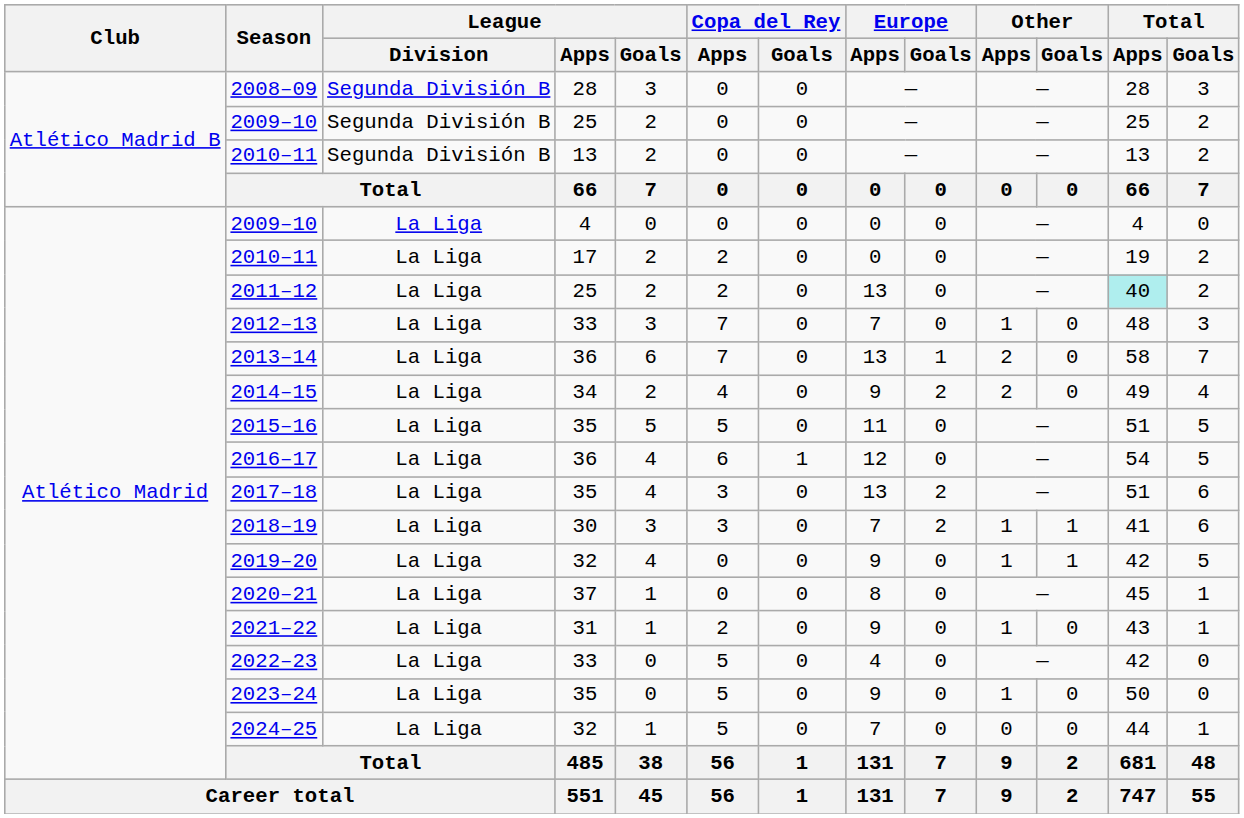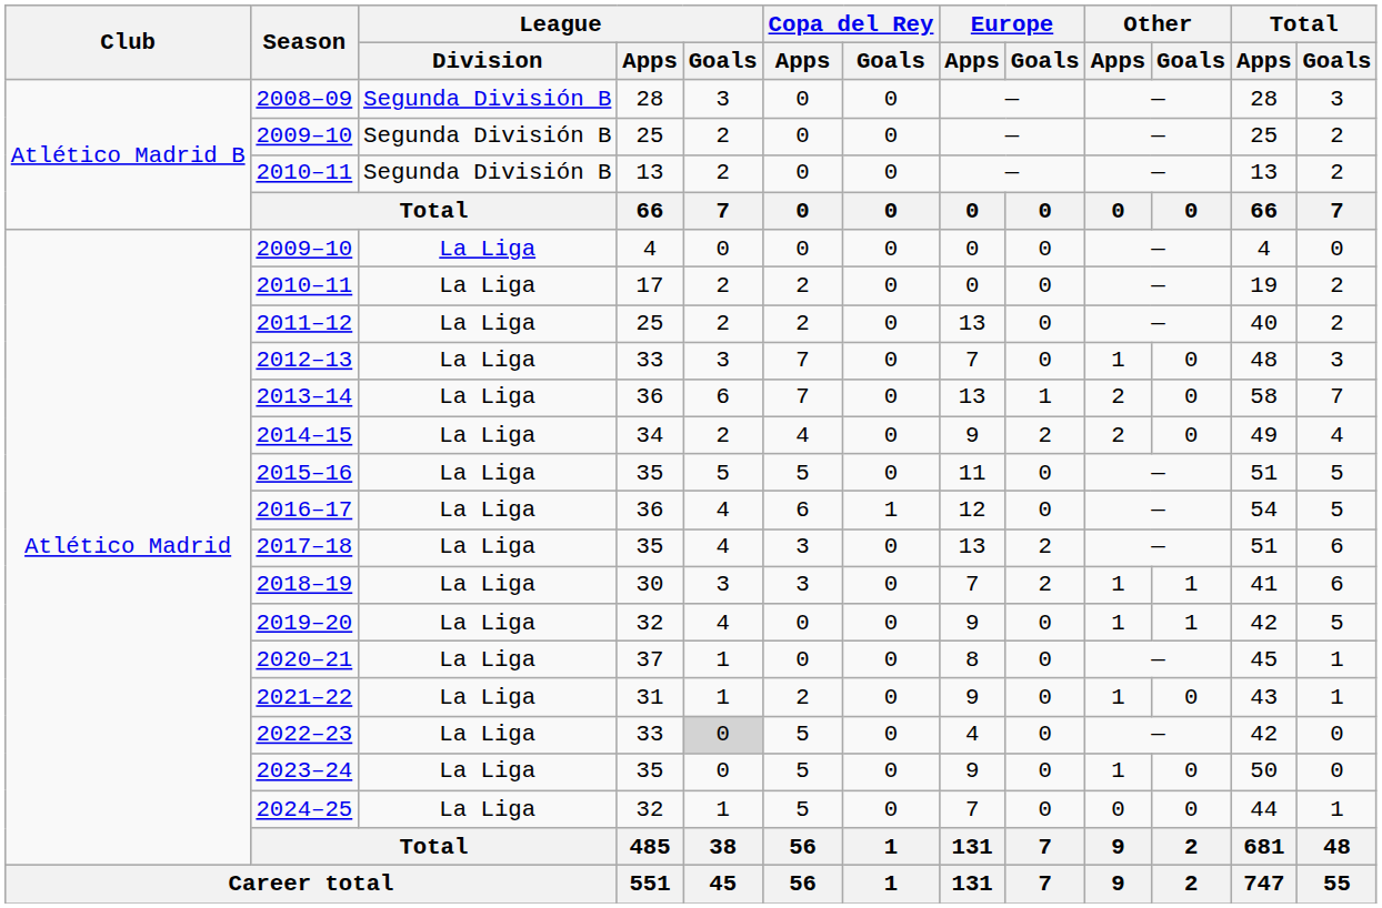 <table class="wikitable" style="text-align: center;">
 <tr>
 <th rowspan="2">Club</th>
 <th rowspan="2">Season</th>
 <th colspan="3">League</th>
 <th colspan="2"><a href='#'>Copa del Rey</a></th>
 <th colspan="2"><a href='#'>Europe</a></th>
 <th colspan="2">Other</th>
 <th colspan="2">Total</th>
 </tr>
 <tr>
 <th>Division</th>
 <th>Apps</th>
 <th>Goals</th>
 <th>Apps</th>
 <th>Goals</th>
 <th>Apps</th>
 <th>Goals</th>
 <th>Apps</th>
 <th>Goals</th>
 <th>Apps</th>
 <th>Goals</th>
 </tr>
 <tr>
 <td rowspan="4"><a href='#'>Atlético Madrid B</a></td>
 <td><a href='#'>2008–09</a></td>
 <td><a href='#'>Segunda División B</a></td>
 <td>28</td>
 <td>3</td>
 <td>0</td>
 <td>0</td>
 <td colspan="2">—</td>
 <td colspan="2">—</td>
 <td>28</td>
 <td>3</td>
 </tr>
 <tr>
 <td><a href='#'>2009–10</a></td>
 <td>Segunda División B</td>
 <td>25</td>
 <td>2</td>
 <td>0</td>
 <td>0</td>
 <td colspan="2">—</td>
 <td colspan="2">—</td>
 <td>25</td>
 <td>2</td>
 </tr>
 <tr>
 <td><a href='#'>2010–11</a></td>
 <td>Segunda División B</td>
 <td>13</td>
 <td>2</td>
 <td>0</td>
 <td>0</td>
 <td colspan="2">—</td>
 <td colspan="2">—</td>
 <td>13</td>
 <td>2</td>
 </tr>
 <tr>
 <th colspan="2">Total</th>
 <th>66</th>
 <th>7</th>
 <th>0</th>
 <th>0</th>
 <th>0</th>
 <th>0</th>
 <th>0</th>
 <th>0</th>
 <th>66</th>
 <th>7</th>
 </tr>
 <tr>
 <td rowspan="17"><a href='#'>Atlético Madrid</a></td>
 <td><a href='#'>2009–10</a></td>
 <td><a href='#'>La Liga</a></td>
 <td>4</td>
 <td>0</td>
 <td>0</td>
 <td>0</td>
 <td>0</td>
 <td>0</td>
 <td colspan="2">—</td>
 <td>4</td>
 <td>0</td>
 </tr>
 <tr>
 <td><a href='#'>2010–11</a></td>
 <td>La Liga</td>
 <td>17</td>
 <td>2</td>
 <td>2</td>
 <td>0</td>
 <td>0</td>
 <td>0</td>
 <td colspan="2">—</td>
 <td>19</td>
 <td>2</td>
 </tr>
 <tr>
 <td><a href='#'>2011–12</a></td>
 <td>La Liga</td>
 <td>25</td>
 <td>2</td>
 <td>2</td>
 <td>0</td>
 <td>13</td>
 <td>0</td>
 <td colspan="2">—</td>
-<td style="background: paleturquoise;">40</td>
+<td>40</td>
 <td>2</td>
 </tr>
 <tr>
 <td><a href='#'>2012–13</a></td>
 <td>La Liga</td>
 <td>33</td>
 <td>3</td>
 <td>7</td>
 <td>0</td>
 <td>7</td>
 <td>0</td>
 <td>1</td>
 <td>0</td>
 <td>48</td>
 <td>3</td>
 </tr>
 <tr>
 <td><a href='#'>2013–14</a></td>
 <td>La Liga</td>
 <td>36</td>
 <td>6</td>
 <td>7</td>
 <td>0</td>
 <td>13</td>
 <td>1</td>
 <td>2</td>
 <td>0</td>
 <td>58</td>
 <td>7</td>
 </tr>
 <tr>
 <td><a href='#'>2014–15</a></td>
 <td>La Liga</td>
 <td>34</td>
 <td>2</td>
 <td>4</td>
 <td>0</td>
 <td>9</td>
 <td>2</td>
 <td>2</td>
 <td>0</td>
 <td>49</td>
 <td>4</td>
 </tr>
 <tr>
 <td><a href='#'>2015–16</a></td>
 <td>La Liga</td>
 <td>35</td>
 <td>5</td>
 <td>5</td>
 <td>0</td>
 <td>11</td>
 <td>0</td>
 <td colspan="2">—</td>
 <td>51</td>
 <td>5</td>
 </tr>
 <tr>
 <td><a href='#'>2016–17</a></td>
 <td>La Liga</td>
 <td>36</td>
 <td>4</td>
 <td>6</td>
 <td>1</td>
 <td>12</td>
 <td>0</td>
 <td colspan="2">—</td>
 <td>54</td>
 <td>5</td>
 </tr>
 <tr>
 <td><a href='#'>2017–18</a></td>
 <td>La Liga</td>
 <td>35</td>
 <td>4</td>
 <td>3</td>
 <td>0</td>
 <td>13</td>
 <td>2</td>
 <td colspan="2">—</td>
 <td>51</td>
 <td>6</td>
 </tr>
 <tr>
 <td><a href='#'>2018–19</a></td>
 <td>La Liga</td>
 <td>30</td>
 <td>3</td>
 <td>3</td>
 <td>0</td>
 <td>7</td>
 <td>2</td>
 <td>1</td>
 <td>1</td>
 <td>41</td>
 <td>6</td>
 </tr>
 <tr>
 <td><a href='#'>2019–20</a></td>
 <td>La Liga</td>
 <td>32</td>
 <td>4</td>
 <td>0</td>
 <td>0</td>
 <td>9</td>
 <td>0</td>
 <td>1</td>
 <td>1</td>
 <td>42</td>
 <td>5</td>
 </tr>
 <tr>
 <td><a href='#'>2020–21</a></td>
 <td>La Liga</td>
 <td>37</td>
 <td>1</td>
 <td>0</td>
 <td>0</td>
 <td>8</td>
 <td>0</td>
 <td colspan="2">—</td>
 <td>45</td>
 <td>1</td>
 </tr>
 <tr>
 <td><a href='#'>2021–22</a></td>
 <td>La Liga</td>
 <td>31</td>
 <td>1</td>
 <td>2</td>
 <td>0</td>
 <td>9</td>
 <td>0</td>
 <td>1</td>
 <td>0</td>
 <td>43</td>
 <td>1</td>
 </tr>
 <tr>
 <td><a href='#'>2022–23</a></td>
 <td>La Liga</td>
 <td>33</td>
-<td>0</td>
+<td style="background: lightgrey;">0</td>
 <td>5</td>
 <td>0</td>
 <td>4</td>
 <td>0</td>
 <td colspan="2">—</td>
 <td>42</td>
 <td>0</td>
 </tr>
 <tr>
 <td><a href='#'>2023–24</a></td>
 <td>La Liga</td>
 <td>35</td>
 <td>0</td>
 <td>5</td>
 <td>0</td>
 <td>9</td>
 <td>0</td>
 <td>1</td>
 <td>0</td>
 <td>50</td>
 <td>0</td>
 </tr>
 <tr>
 <td><a href='#'>2024–25</a></td>
 <td>La Liga</td>
 <td>32</td>
 <td>1</td>
 <td>5</td>
 <td>0</td>
 <td>7</td>
 <td>0</td>
 <td>0</td>
 <td>0</td>
 <td>44</td>
 <td>1</td>
 </tr>
 <tr>
 <th colspan="2">Total</th>
 <th>485</th>
 <th>38</th>
 <th>56</th>
 <th>1</th>
 <th>131</th>
 <th>7</th>
 <th>9</th>
 <th>2</th>
 <th>681</th>
 <th>48</th>
 </tr>
 <tr>
 <th colspan="3">Career total</th>
 <th>551</th>
 <th>45</th>
 <th>56</th>
 <th>1</th>
 <th>131</th>
 <th>7</th>
 <th>9</th>
 <th>2</th>
 <th>747</th>
 <th>55</th>
 </tr>
 </table>
